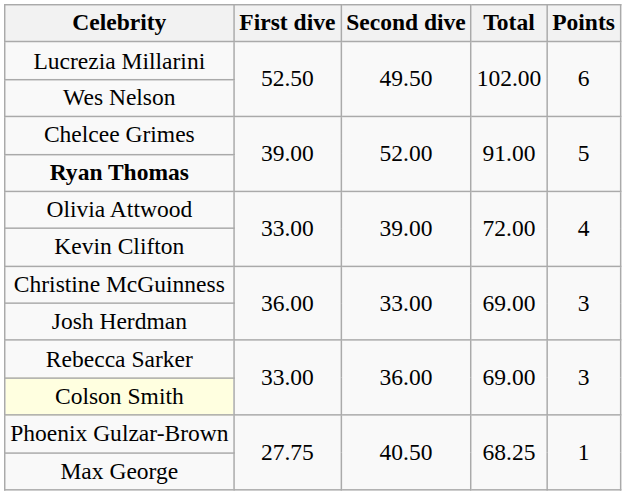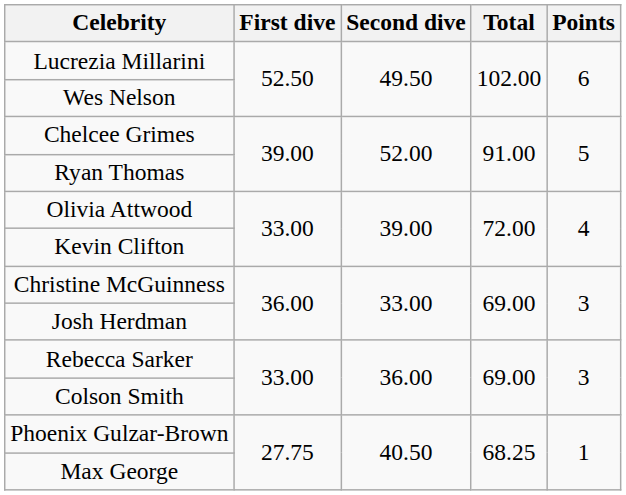 <table class="wikitable plainrowheaders" style="text-align:center;">
 <tr>
 <th>Celebrity</th>
 <th>First dive</th>
 <th>Second dive</th>
 <th>Total</th>
 <th>Points</th>
 </tr>
 <tr>
 <td>Lucrezia Millarini</td>
 <td rowspan=2>52.50</td>
 <td rowspan=2>49.50</td>
 <td rowspan=2>102.00</td>
 <td rowspan=2>6</td>
 </tr>
 <tr>
 <td>Wes Nelson</td>
 </tr>
 <tr>
 <td>Chelcee Grimes</td>
 <td rowspan=2>39.00</td>
 <td rowspan=2>52.00</td>
 <td rowspan=2>91.00</td>
 <td rowspan=2>5</td>
 </tr>
 <tr>
-<td><strong>Ryan Thomas</strong></td>
+<td>Ryan Thomas</td>
 </tr>
 <tr>
 <td>Olivia Attwood</td>
 <td rowspan=2>33.00</td>
 <td rowspan=2>39.00</td>
 <td rowspan=2>72.00</td>
 <td rowspan=2>4</td>
 </tr>
 <tr>
 <td>Kevin Clifton</td>
 </tr>
 <tr>
 <td>Christine McGuinness</td>
 <td rowspan=2>36.00</td>
 <td rowspan=2>33.00</td>
 <td rowspan=2>69.00</td>
 <td rowspan=2>3</td>
 </tr>
 <tr>
 <td>Josh Herdman</td>
 </tr>
 <tr>
 <td>Rebecca Sarker</td>
 <td rowspan=2>33.00</td>
 <td rowspan=2>36.00</td>
 <td rowspan=2>69.00</td>
 <td rowspan=2>3</td>
 </tr>
 <tr>
-<td style="background: lightyellow;">Colson Smith</td>
+<td>Colson Smith</td>
 </tr>
 <tr>
 <td>Phoenix Gulzar-Brown</td>
 <td rowspan=2>27.75</td>
 <td rowspan=2>40.50</td>
 <td rowspan=2>68.25</td>
 <td rowspan=2>1</td>
 </tr>
 <tr>
 <td>Max George</td>
 </tr>
 </table>
